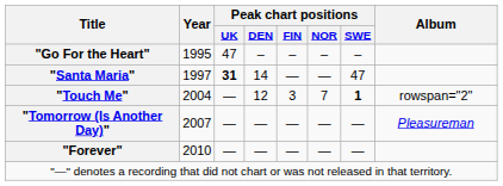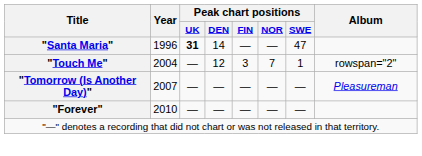 <table class="wikitable plainrowheaders" style="text-align:center">
 <tr>
 <th scope="col" rowspan="2" style="width:18em;">Title</th>
 <th scope="col" rowspan="2" style="width:1em;">Year</th>
 <th scope="col" colspan="5">Peak chart positions</th>
 <th scope="col" rowspan="2" style="width:11em;">Album</th>
 </tr>
 <tr>
 <th scope="col" style="width:2.5em;font-size:90%;"><a href='#'>UK</a><br></th>
 <th scope="col" style="width:2.5em;font-size:90%;"><a href='#'>DEN</a><br></th>
 <th scope="col" style="width:2.5em;font-size:90%;"><a href='#'>FIN</a><br></th>
 <th scope="col" style="width:2.5em;font-size:90%;"><a href='#'>NOR</a><br></th>
 <th scope="col" style="width:2.5em;font-size:90%;"><a href='#'>SWE</a><br></th>
 </tr>
 <tr>
-<th scope="row">"Go For the Heart"<br></th>
-<td>1995</td>
-<td>47</td>
-<td>–</td>
-<td>–</td>
-<td>–</td>
-<td>–</td>
-<td></td>
-</tr>
-<tr>
 <th scope="row">"<a href='#'>Santa Maria</a>"<br></th>
-<td>1997</td>
+<td>1996</td>
 <td><strong>31</strong></td>
 <td>14</td>
 <td>—</td>
 <td>—</td>
 <td>47</td>
 <td></td>
 </tr>
 <tr>
 <th scope="row">"<a href='#'>Touch Me</a>"<br></th>
 <td>2004</td>
 <td>—</td>
 <td>12</td>
 <td>3</td>
 <td>7</td>
-<td><strong>1</strong></td>
+<td>1</td>
 <td>rowspan="2" </td>
 </tr>
 <tr>
 <th scope="row">"<a href='#'>Tomorrow (Is Another Day)</a>"<br></th>
 <td>2007</td>
 <td>—</td>
 <td>—</td>
 <td>—</td>
 <td>—</td>
 <td>—</td>
 <td><em><a href='#'>Pleasureman</a></em></td>
 </tr>
 <tr>
 <th scope="row">"Forever"<br></th>
 <td>2010</td>
 <td>—</td>
 <td>—</td>
 <td>—</td>
 <td>—</td>
 <td>—</td>
 </tr>
 <tr>
 <td colspan="8" style="font-size:90%">"—" denotes a recording that did not chart or was not released in that territory.</td>
 </tr>
 </table>
